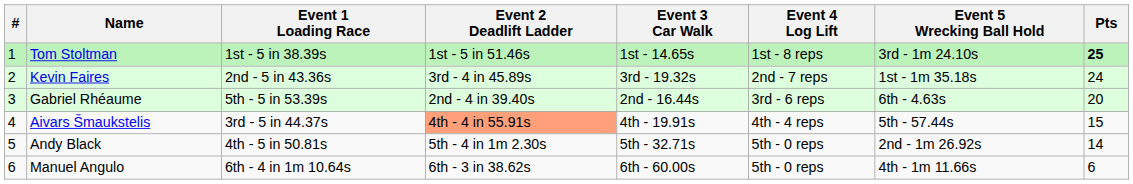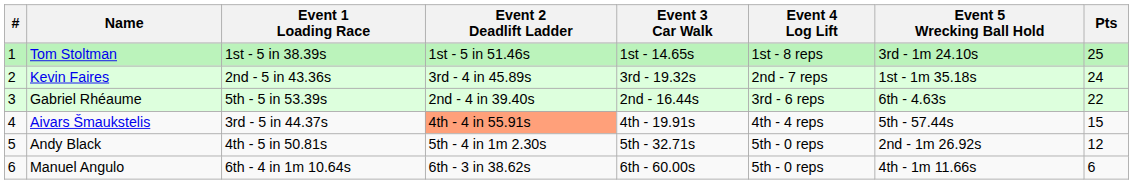 <table class="wikitable sortable" style="display: inline-table;width: 100%;">
 <tr>
 <th>#</th>
 <th>Name</th>
 <th>Event 1<br>Loading Race</th>
 <th>Event 2<br>Deadlift Ladder</th>
 <th>Event 3<br>Car Walk</th>
 <th>Event 4<br>Log Lift</th>
 <th>Event 5<br>Wrecking Ball Hold</th>
 <th>Pts</th>
 </tr>
 <tr bgcolor=bbf3bb>
 <td>1</td>
 <td> <a href='#'>Tom Stoltman</a></td>
 <td>1st - 5 in 38.39s</td>
 <td>1st - 5 in 51.46s</td>
 <td>1st - 14.65s</td>
 <td>1st - 8 reps</td>
 <td>3rd - 1m 24.10s</td>
-<td><strong>25</strong></td>
+<td>25</td>
 </tr>
 <tr bgcolor=ddffdd>
 <td>2</td>
 <td> <a href='#'>Kevin Faires</a></td>
 <td>2nd - 5 in 43.36s</td>
 <td>3rd - 4 in 45.89s</td>
 <td>3rd - 19.32s</td>
 <td>2nd - 7 reps</td>
 <td>1st - 1m 35.18s</td>
 <td>24</td>
 </tr>
 <tr bgcolor=ddffdd>
 <td>3</td>
 <td> Gabriel Rhéaume</td>
 <td>5th - 5 in 53.39s</td>
 <td>2nd - 4 in 39.40s</td>
 <td>2nd - 16.44s</td>
 <td>3rd - 6 reps</td>
 <td>6th - 4.63s</td>
-<td>20</td>
+<td>22</td>
 </tr>
 <tr>
 <td>4</td>
 <td> <a href='#'>Aivars Šmaukstelis</a></td>
 <td>3rd - 5 in 44.37s</td>
 <td style="background: lightsalmon;">4th - 4 in 55.91s</td>
 <td>4th - 19.91s</td>
 <td>4th - 4 reps</td>
 <td>5th - 57.44s</td>
 <td>15</td>
 </tr>
 <tr>
 <td>5</td>
 <td> Andy Black</td>
 <td>4th - 5 in 50.81s</td>
 <td>5th - 4 in 1m 2.30s</td>
 <td>5th - 32.71s</td>
 <td>5th - 0 reps</td>
 <td>2nd - 1m 26.92s</td>
-<td>14</td>
+<td>12</td>
 </tr>
 <tr>
 <td>6</td>
 <td> Manuel Angulo</td>
 <td>6th - 4 in 1m 10.64s</td>
 <td>6th - 3 in 38.62s</td>
 <td>6th - 60.00s</td>
 <td>5th - 0 reps</td>
 <td>4th - 1m 11.66s</td>
 <td>6</td>
 </tr>
 </table>
